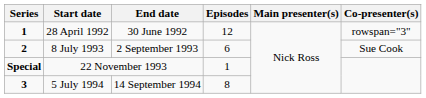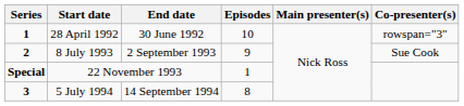 <table class="wikitable" style="text-align:center;">
 <tr>
 <th>Series</th>
 <th>Start date</th>
 <th>End date</th>
 <th>Episodes</th>
 <th>Main presenter(s)</th>
 <th>Co-presenter(s)</th>
 </tr>
 <tr>
 <td><strong>1</strong></td>
 <td>28 April 1992</td>
 <td>30 June 1992</td>
-<td>12</td>
+<td>10</td>
 <td rowspan="4">Nick Ross</td>
 <td>rowspan="3" </td>
 </tr>
 <tr>
 <td><strong>2</strong></td>
 <td>8 July 1993</td>
 <td>2 September 1993</td>
-<td>6</td>
+<td>9</td>
 <td>Sue Cook</td>
 </tr>
 <tr>
 <td><strong>Special</strong></td>
 <td colspan="2">22 November 1993</td>
 <td>1</td>
 </tr>
 <tr>
 <td><strong>3</strong></td>
 <td>5 July 1994</td>
 <td>14 September 1994</td>
 <td>8</td>
 </tr>
 </table>
